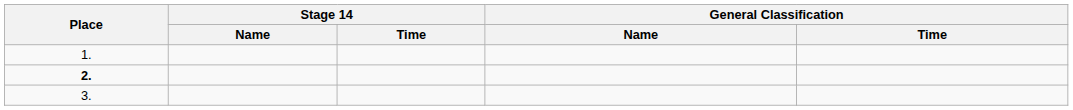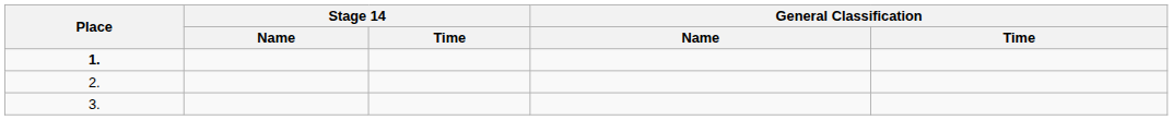 <table class="wikitable"  style="font-size:95%; width:80%;">
 <tr>
 <th rowspan="2">Place</th>
 <th colspan="2">Stage 14</th>
 <th colspan="2">General Classification</th>
 </tr>
 <tr>
 <th>Name</th>
 <th>Time</th>
 <th>Name</th>
 <th>Time</th>
 </tr>
 <tr>
-<td style="text-align:center;">1.</td>
+<td style="text-align:center;"><strong>1.</strong></td>
 <td></td>
 <td></td>
 <td></td>
 <td></td>
 </tr>
 <tr>
-<td style="text-align:center;"><strong>2.</strong></td>
+<td style="text-align:center;">2.</td>
 <td></td>
 <td></td>
 <td></td>
 <td></td>
 </tr>
 <tr>
 <td style="text-align:center;">3.</td>
 <td></td>
 <td></td>
 <td></td>
 <td></td>
 </tr>
 </table>
